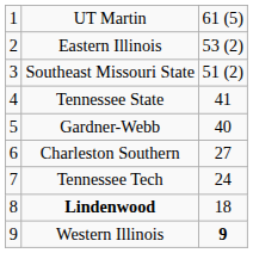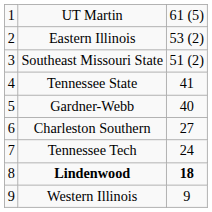 <table class="wikitable">
 <tr align="center">
 <td>1</td>
 <td>UT Martin</td>
 <td>61 (5)</td>
 </tr>
 <tr align="center">
 <td>2</td>
 <td>Eastern Illinois</td>
 <td>53 (2)</td>
 </tr>
 <tr align="center">
 <td>3</td>
 <td>Southeast Missouri State</td>
 <td>51 (2)</td>
 </tr>
 <tr align="center">
 <td>4</td>
 <td>Tennessee State</td>
 <td>41</td>
 </tr>
 <tr align="center">
 <td>5</td>
 <td>Gardner-Webb</td>
 <td>40</td>
 </tr>
 <tr align="center">
 <td>6</td>
 <td>Charleston Southern</td>
 <td>27</td>
 </tr>
 <tr align="center">
 <td>7</td>
 <td>Tennessee Tech</td>
 <td>24</td>
 </tr>
 <tr align="center">
 <td>8</td>
 <td><strong>Lindenwood</strong></td>
-<td>18</td>
+<td><strong>18</strong></td>
 </tr>
 <tr align="center">
 <td>9</td>
 <td>Western Illinois</td>
-<td><strong>9</strong></td>
+<td>9</td>
 </tr>
 </table>
